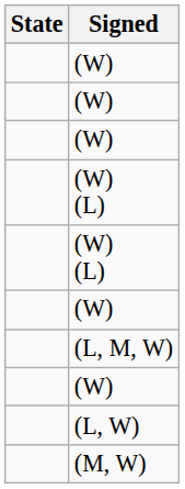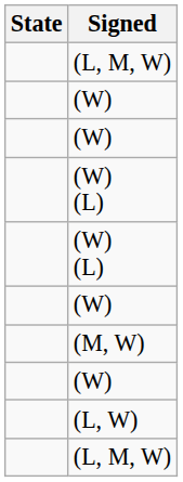 <table class="wikitable sortable">
 <tr>
 <th>State</th>
 <th>Signed</th>
 </tr>
 <tr>
 <td></td>
-<td> (W)</td>
+<td> (L, M, W)</td>
 </tr>
 <tr>
 <td></td>
 <td> (W)</td>
 </tr>
 <tr>
 <td></td>
 <td> (W)</td>
 </tr>
 <tr>
 <td></td>
 <td> (W)<br> (L)</td>
 </tr>
 <tr>
 <td></td>
 <td> (W)<br> (L)</td>
 </tr>
 <tr>
 <td></td>
 <td> (W)</td>
 </tr>
 <tr>
 <td></td>
-<td> (L, M, W)</td>
+<td> (M, W)</td>
 </tr>
 <tr>
 <td></td>
 <td> (W)</td>
 </tr>
 <tr>
 <td></td>
 <td> (L, W)</td>
 </tr>
 <tr>
 <td></td>
-<td> (M, W)</td>
+<td> (L, M, W)</td>
 </tr>
 </table>
